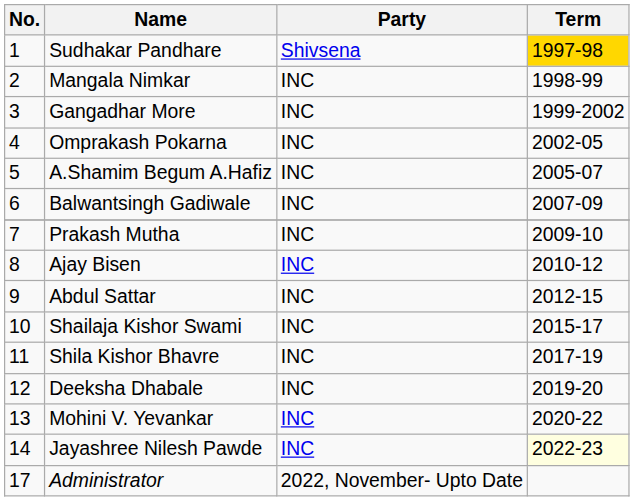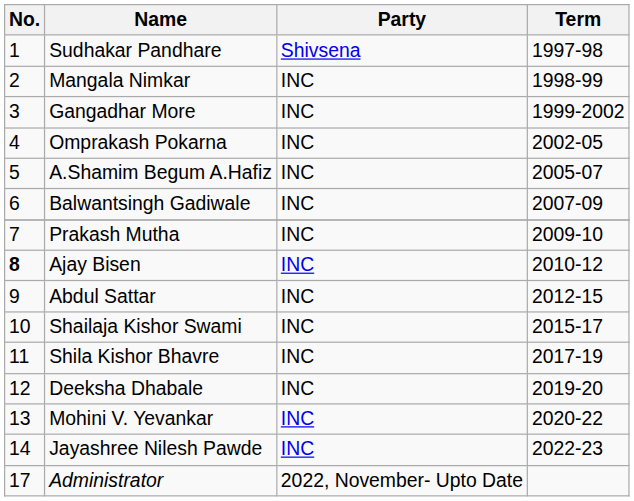 <table class="wikitable">
 <tr>
 <th>No.</th>
 <th>Name</th>
 <th>Party</th>
 <th>Term</th>
 </tr>
 <tr>
 <td>1</td>
 <td>Sudhakar Pandhare</td>
 <td><a href='#'>Shivsena</a></td>
-<td style="background: gold;">1997-98</td>
+<td>1997-98</td>
 </tr>
 <tr>
 <td>2</td>
 <td>Mangala Nimkar</td>
 <td>INC</td>
 <td>1998-99</td>
 </tr>
 <tr>
 <td>3</td>
 <td>Gangadhar More</td>
 <td>INC</td>
 <td>1999-2002</td>
 </tr>
 <tr>
 <td>4</td>
 <td>Omprakash Pokarna</td>
 <td>INC</td>
 <td>2002-05</td>
 </tr>
 <tr>
 <td>5</td>
 <td>A.Shamim Begum A.Hafiz</td>
 <td>INC</td>
 <td>2005-07</td>
 </tr>
 <tr>
 <td>6</td>
 <td>Balwantsingh Gadiwale</td>
 <td>INC</td>
 <td>2007-09</td>
 </tr>
 <tr>
 </tr>
 <tr>
 <td>7</td>
 <td>Prakash Mutha</td>
 <td>INC</td>
 <td>2009-10</td>
 </tr>
 <tr>
-<td>8</td>
+<td><strong>8</strong></td>
 <td>Ajay Bisen</td>
 <td><a href='#'>INC</a></td>
 <td>2010-12</td>
 </tr>
 <tr>
 <td>9</td>
 <td>Abdul Sattar</td>
 <td>INC</td>
 <td>2012-15</td>
 </tr>
 <tr>
 <td>10</td>
 <td>Shailaja Kishor Swami</td>
 <td>INC</td>
 <td>2015-17</td>
 </tr>
 <tr>
 <td>11</td>
 <td>Shila Kishor Bhavre</td>
 <td>INC</td>
 <td>2017-19</td>
 </tr>
 <tr>
 <td>12</td>
 <td>Deeksha Dhabale</td>
 <td>INC</td>
 <td>2019-20</td>
 </tr>
 <tr>
 <td>13</td>
 <td>Mohini V. Yevankar</td>
 <td><a href='#'>INC</a></td>
 <td>2020-22</td>
 </tr>
 <tr>
 <td>14</td>
 <td>Jayashree Nilesh Pawde</td>
 <td><a href='#'>INC</a></td>
-<td style="background: lightyellow;">2022-23</td>
+<td>2022-23</td>
 </tr>
 <tr>
 <td>17</td>
 <td><em>Administrator</em></td>
 <td>2022, November- Upto Date</td>
 </tr>
 </table>
